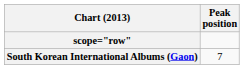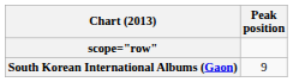 <table class="wikitable sortable plainrowheaders" style="text-align:center">
 <tr>
 <th scope="col">Chart (2013)</th>
 <th scope="col">Peak<br>position</th>
 </tr>
 <tr>
 <th>scope="row"</th>
 </tr>
 <tr>
 <th scope="row">South Korean International Albums (<a href='#'>Gaon</a>)</th>
-<td>7</td>
+<td>9</td>
 </tr>
 </table>
